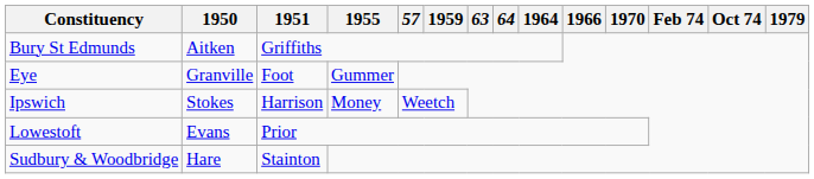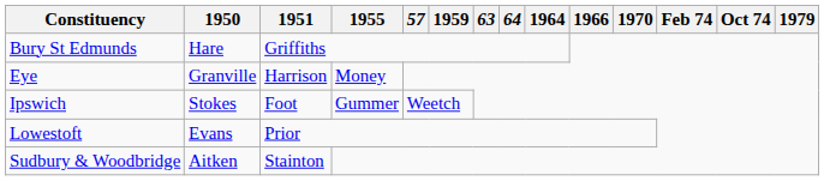 <table class="wikitable">
 <tr>
 <th>Constituency</th>
 <th>1950</th>
 <th>1951</th>
 <th>1955</th>
 <th><em>57</em></th>
 <th>1959</th>
 <th><em>63</em></th>
 <th><em>64</em></th>
 <th>1964</th>
 <th>1966</th>
 <th>1970</th>
 <th>Feb 74</th>
 <th>Oct 74</th>
 <th>1979</th>
 </tr>
 <tr>
 <td><a href='#'>Bury St Edmunds</a></td>
-<td><a href='#'>Aitken</a></td>
+<td><a href='#'>Hare</a></td>
 <td colspan="7"><a href='#'>Griffiths</a></td>
 </tr>
 <tr>
 <td><a href='#'>Eye</a></td>
 <td bgcolor=><a href='#'>Granville</a></td>
-<td><a href='#'>Foot</a></td>
-<td><a href='#'>Gummer</a></td>
+<td><a href='#'>Harrison</a></td>
+<td><a href='#'>Money</a></td>
 </tr>
 <tr>
 <td><a href='#'>Ipswich</a></td>
 <td><a href='#'>Stokes</a></td>
-<td><a href='#'>Harrison</a></td>
-<td><a href='#'>Money</a></td>
+<td><a href='#'>Foot</a></td>
+<td><a href='#'>Gummer</a></td>
 <td colspan="2"><a href='#'>Weetch</a></td>
 </tr>
 <tr>
 <td><a href='#'>Lowestoft</a></td>
 <td><a href='#'>Evans</a></td>
 <td colspan="9"><a href='#'>Prior</a></td>
 </tr>
 <tr>
 <td><a href='#'>Sudbury & Woodbridge</a></td>
-<td><a href='#'>Hare</a></td>
+<td><a href='#'>Aitken</a></td>
 <td><a href='#'>Stainton</a></td>
 </tr>
 </table>
